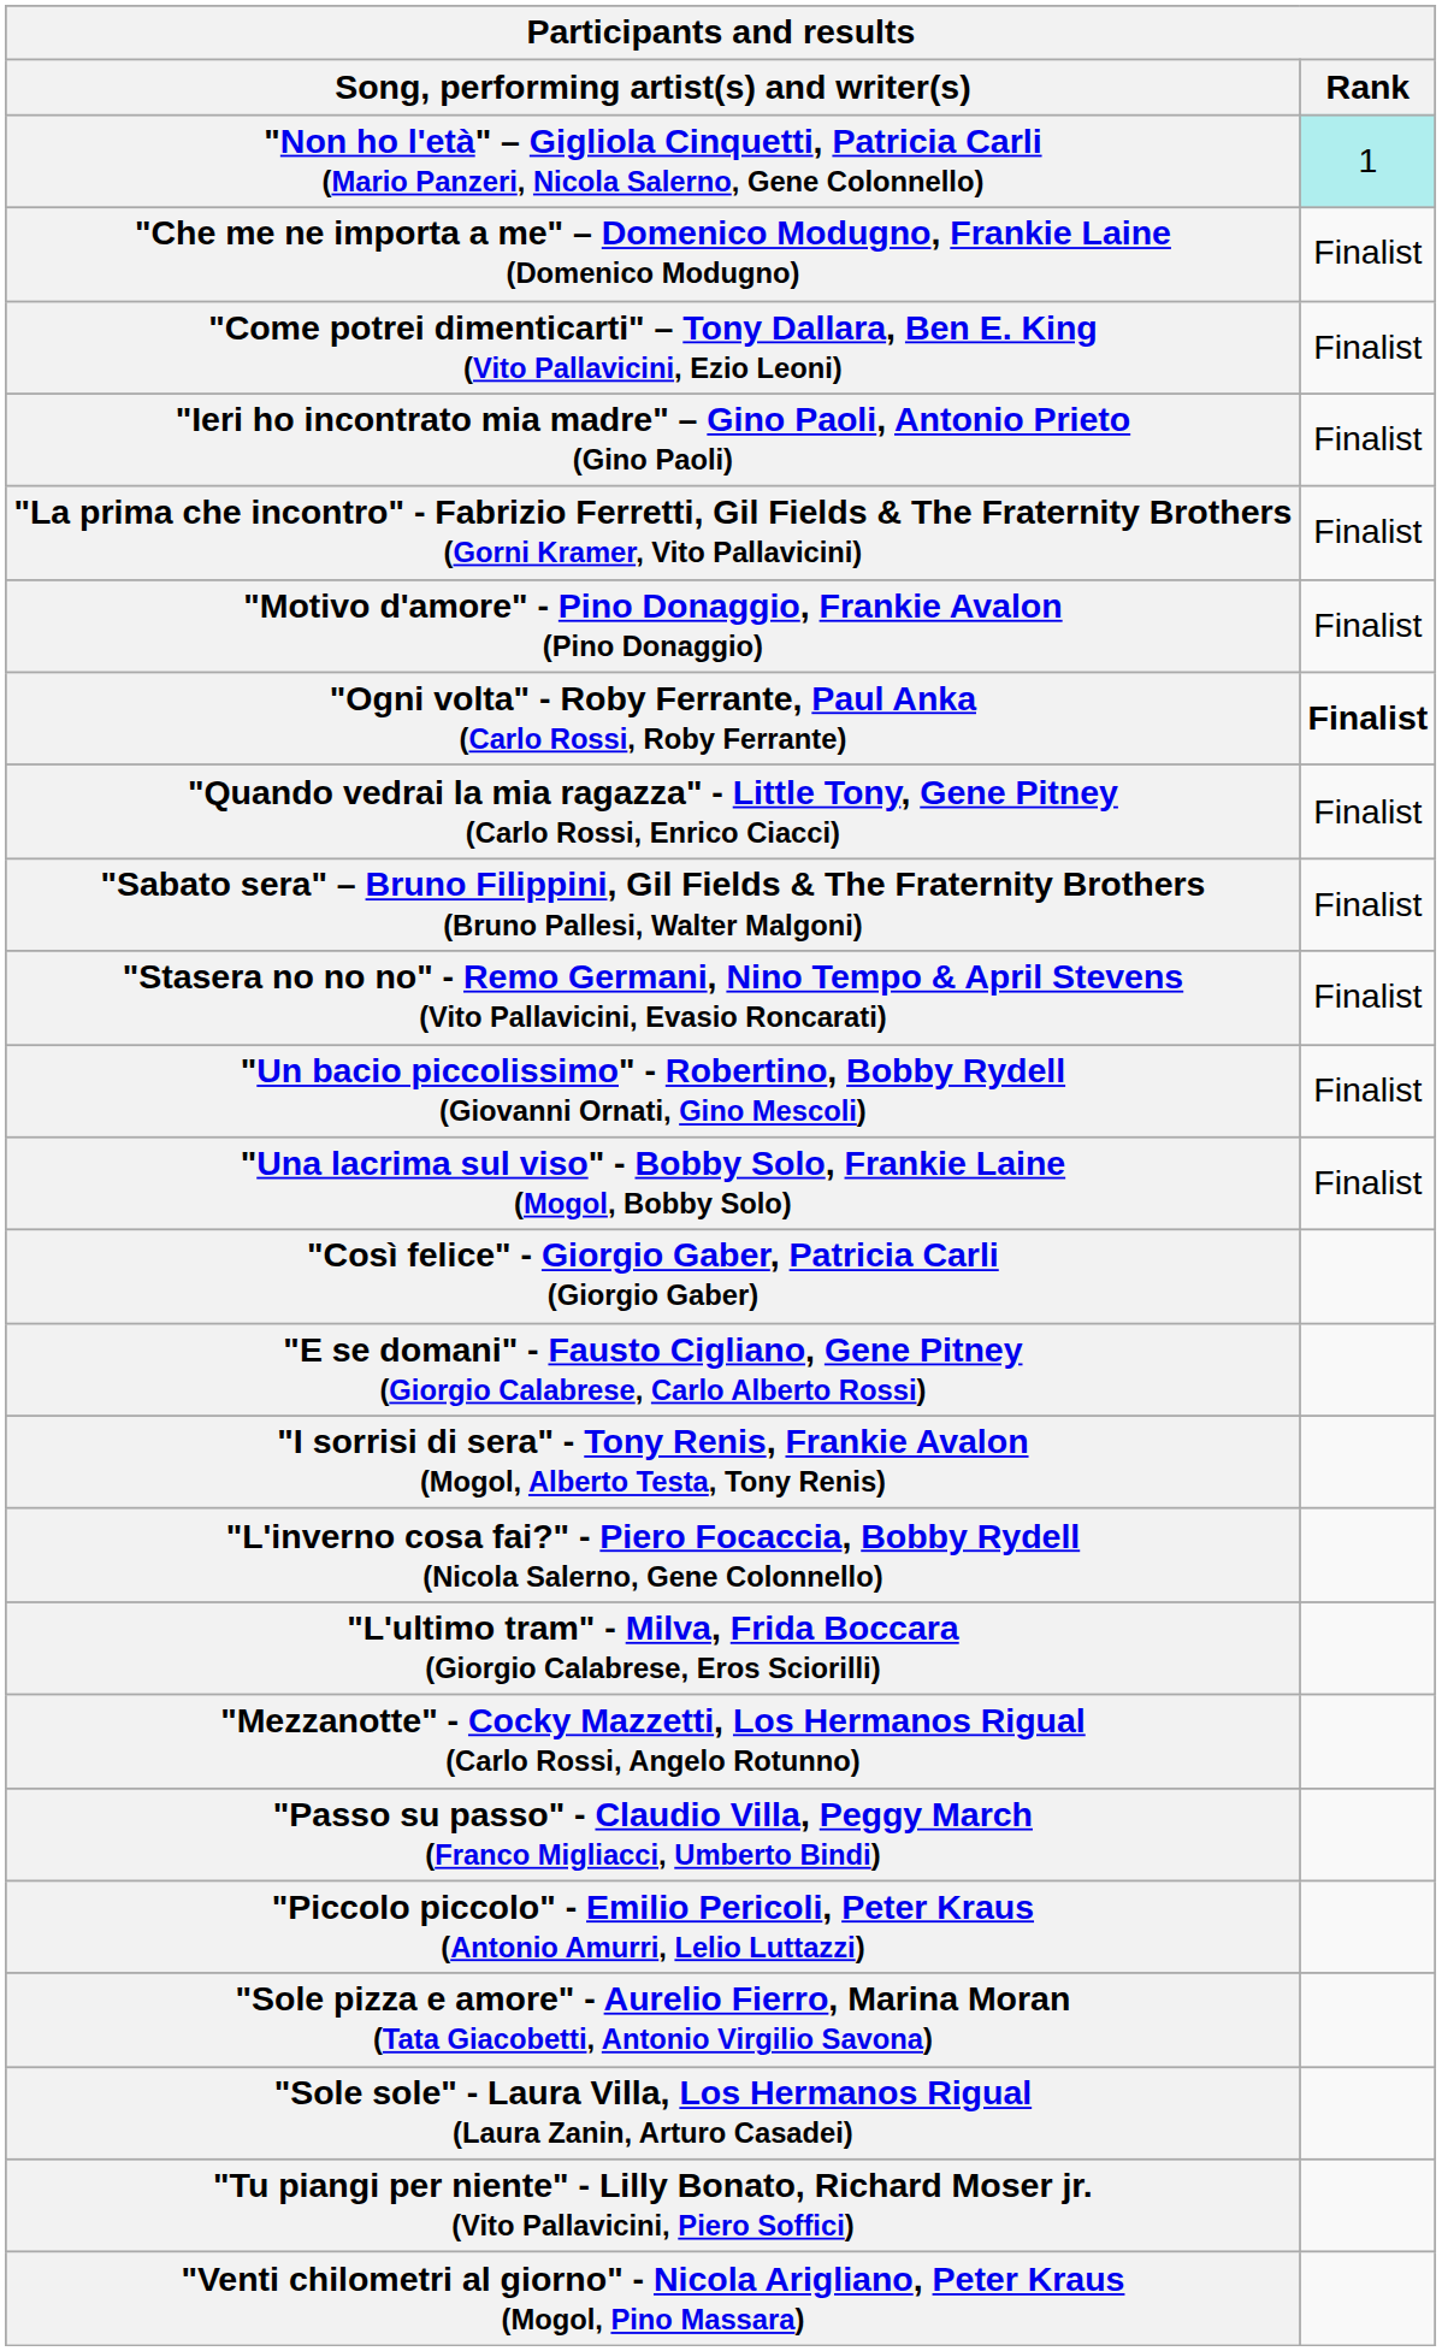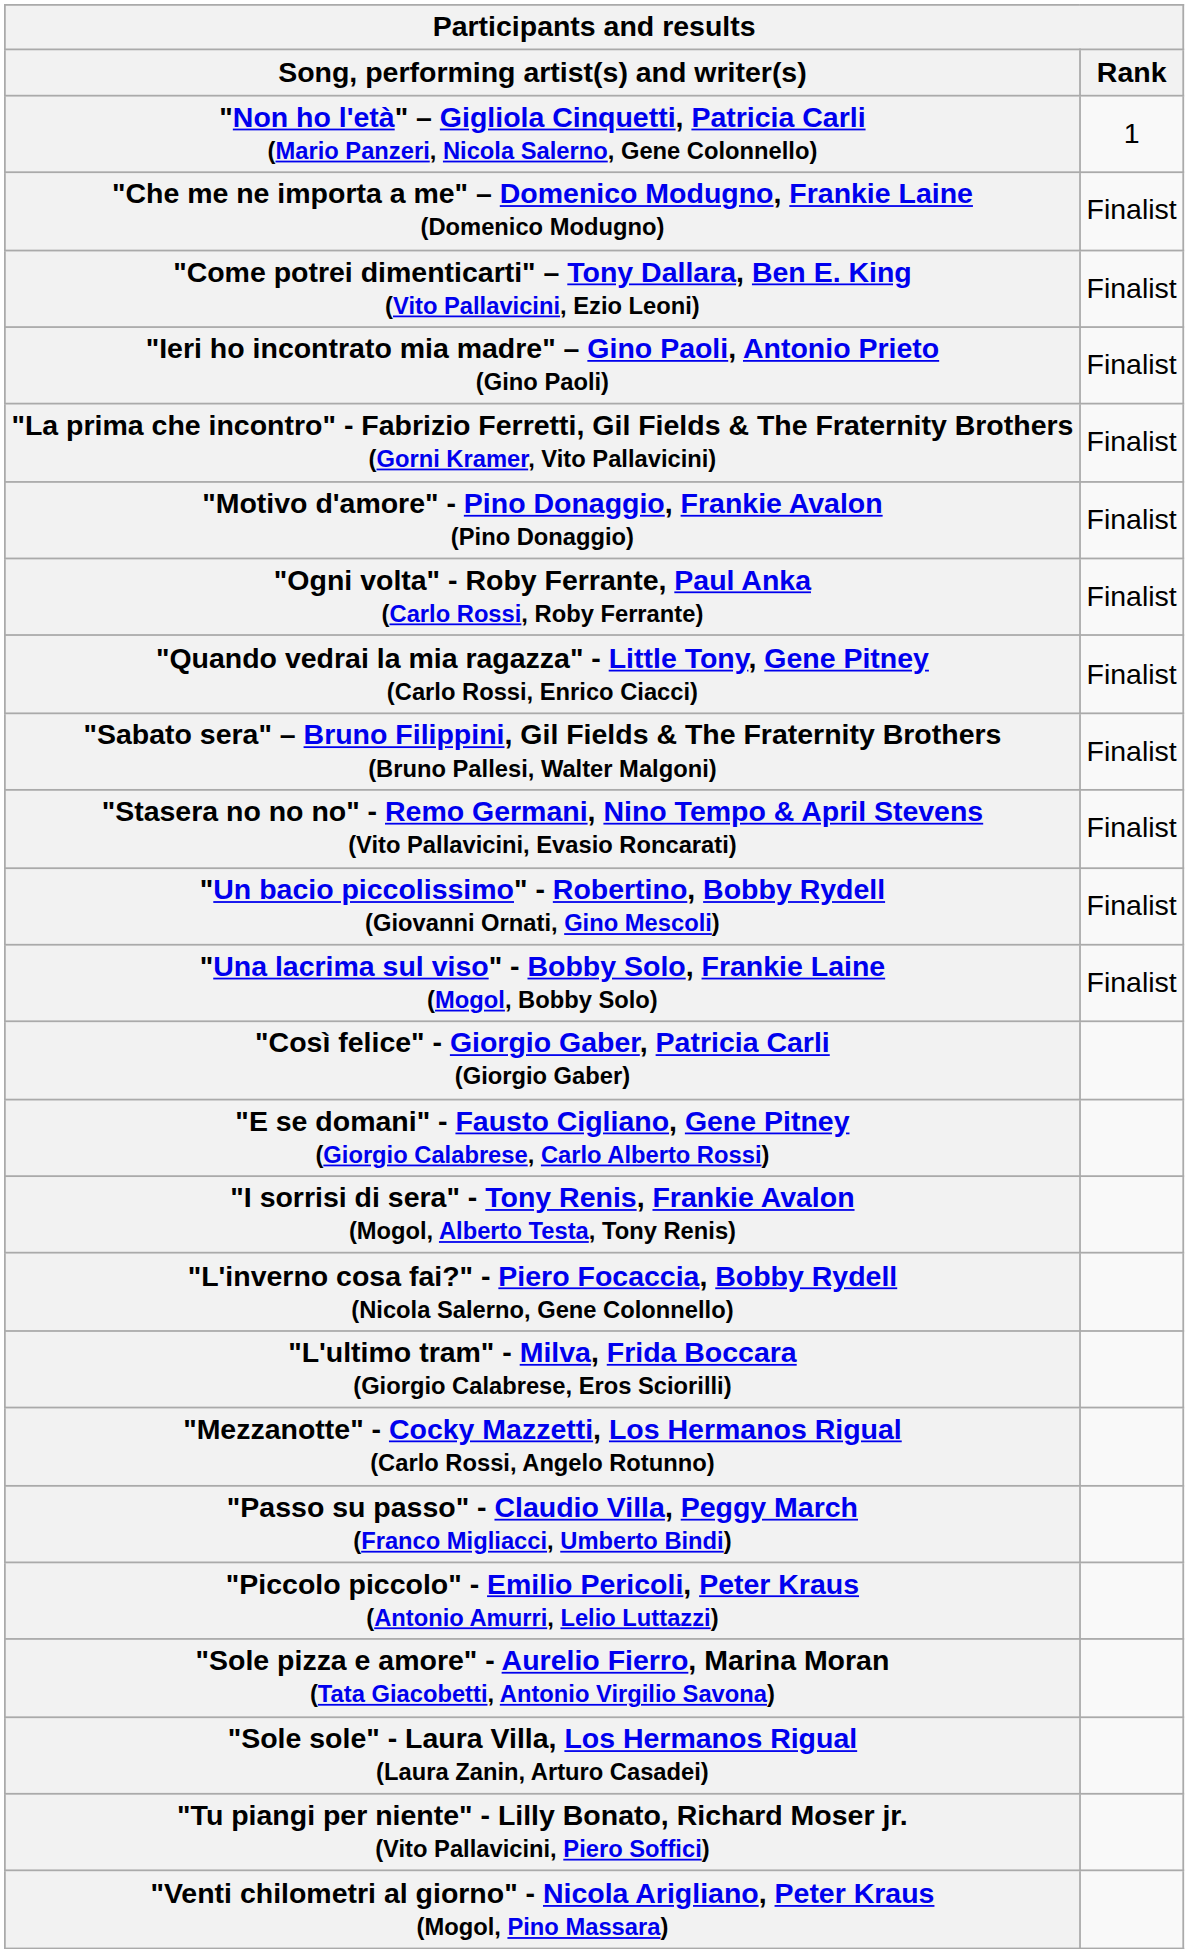 <table class="plainrowheaders wikitable">
 <tr>
 <th colspan="3">Participants and results</th>
 </tr>
 <tr>
 <th>Song, performing artist(s) and writer(s)</th>
 <th>Rank</th>
 </tr>
 <tr>
 <th scope="row">"<a href='#'>Non ho l'età</a>" – <a href='#'>Gigliola Cinquetti</a>, <a href='#'>Patricia Carli</a> <br><small> 	(<a href='#'>Mario Panzeri</a>, <a href='#'>Nicola Salerno</a>, Gene Colonnello) </small></th>
-<td style="background: paleturquoise; text-align:center;">1</td>
+<td style="text-align:center;">1</td>
 </tr>
 <tr>
 <th scope="row">"Che me ne importa a me" –  <a href='#'>Domenico Modugno</a>, <a href='#'>Frankie Laine</a>  <br><small>  (Domenico Modugno)  </small></th>
 <td style="text-align:center;">Finalist</td>
 </tr>
 <tr>
 <th scope="row">"Come potrei dimenticarti" – <a href='#'>Tony Dallara</a>, <a href='#'>Ben E. King</a>  <br><small> 	  (<a href='#'>Vito Pallavicini</a>, Ezio Leoni)</small></th>
 <td style="text-align:center;">Finalist</td>
 </tr>
 <tr>
 <th scope="row">"Ieri ho incontrato mia madre"  –  	<a href='#'>Gino Paoli</a>, <a href='#'>Antonio Prieto</a>  <br><small>   (Gino Paoli)</small></th>
 <td style="text-align:center;">Finalist</td>
 </tr>
 <tr>
 <th scope="row">"La prima che incontro" - Fabrizio Ferretti, Gil Fields & The Fraternity Brothers  <br><small>  (<a href='#'>Gorni Kramer</a>, Vito Pallavicini)</small></th>
 <td style="text-align:center;">Finalist</td>
 </tr>
 <tr>
 <th scope="row">"Motivo d'amore" -  	<a href='#'>Pino Donaggio</a>, <a href='#'>Frankie Avalon</a> <br><small>  (Pino Donaggio)</small></th>
 <td style="text-align:center;">Finalist</td>
 </tr>
 <tr>
 <th scope="row">"Ogni volta" -  Roby Ferrante, <a href='#'>Paul Anka</a>  <br><small>  (<a href='#'>Carlo Rossi</a>, Roby Ferrante)</small></th>
-<td style="text-align:center;"><strong>Finalist</strong></td>
+<td style="text-align:center;">Finalist</td>
 </tr>
 <tr>
 <th scope="row">"Quando vedrai la mia ragazza" -  <a href='#'>Little Tony</a>, <a href='#'>Gene Pitney</a>  <br><small> 	 (Carlo Rossi, Enrico Ciacci)</small></th>
 <td style="text-align:center;">Finalist</td>
 </tr>
 <tr>
 <th scope="row">"Sabato sera" – 	<a href='#'>Bruno Filippini</a>, Gil Fields & The Fraternity Brothers  <br><small>   (Bruno Pallesi, Walter Malgoni)</small></th>
 <td style="text-align:center;">Finalist</td>
 </tr>
 <tr>
 <th scope="row">"Stasera no no no" -  	<a href='#'>Remo Germani</a>, <a href='#'>Nino Tempo & April Stevens</a>  <br><small>  (Vito Pallavicini, Evasio Roncarati)  </small></th>
 <td style="text-align:center;">Finalist</td>
 </tr>
 <tr>
 <th scope="row">"<a href='#'>Un bacio piccolissimo</a>" -  	<a href='#'>Robertino</a>, <a href='#'>Bobby Rydell</a> <br><small>  (Giovanni Ornati, <a href='#'>Gino Mescoli</a>)</small></th>
 <td style="text-align:center;">Finalist</td>
 </tr>
 <tr>
 <th scope="row">"<a href='#'>Una lacrima sul viso</a>" -  	<a href='#'>Bobby Solo</a>, <a href='#'>Frankie Laine</a><br><small>  (<a href='#'>Mogol</a>, Bobby Solo)</small></th>
 <td style="text-align:center;">Finalist</td>
 </tr>
 <tr>
 <th scope="row">"Così felice" - <a href='#'>Giorgio Gaber</a>, <a href='#'>Patricia Carli</a>  <br><small>   (Giorgio Gaber)</small></th>
 <td></td>
 </tr>
 <tr>
 <th scope="row">"E se domani" -   <a href='#'>Fausto Cigliano</a>, <a href='#'>Gene Pitney</a> <br><small> 	 (<a href='#'>Giorgio Calabrese</a>, <a href='#'>Carlo Alberto Rossi</a>)</small></th>
 <td></td>
 </tr>
 <tr>
 <th scope="row">"I sorrisi di sera" -  <a href='#'>Tony Renis</a>, <a href='#'>Frankie Avalon</a> <br><small> 	 (Mogol, <a href='#'>Alberto Testa</a>, Tony Renis)   </small></th>
 <td></td>
 </tr>
 <tr>
 <th scope="row">"L'inverno cosa fai?" -  <a href='#'>Piero Focaccia</a>, <a href='#'>Bobby Rydell</a> <br><small> 	 (Nicola Salerno, Gene Colonnello)   </small></th>
 <td></td>
 </tr>
 <tr>
 <th scope="row">"L'ultimo tram" - <a href='#'>Milva</a>, <a href='#'>Frida Boccara</a> <br><small>   (Giorgio Calabrese, Eros Sciorilli)  </small></th>
 <td></td>
 </tr>
 <tr>
 <th scope="row">"Mezzanotte" - <a href='#'>Cocky Mazzetti</a>, <a href='#'>Los Hermanos Rigual</a>  <br><small>   (Carlo Rossi, Angelo Rotunno)    </small></th>
 <td></td>
 </tr>
 <tr>
 <th scope="row">"Passo su passo" - <a href='#'>Claudio Villa</a>, <a href='#'>Peggy March</a>  <br><small>   (<a href='#'>Franco Migliacci</a>, <a href='#'>Umberto Bindi</a>)   </small></th>
 <td></td>
 </tr>
 <tr>
 <th scope="row">"Piccolo piccolo" -    <a href='#'>Emilio Pericoli</a>, <a href='#'>Peter Kraus</a>  <br><small>  (<a href='#'>Antonio Amurri</a>, <a href='#'>Lelio Luttazzi</a>) </small></th>
 <td></td>
 </tr>
 <tr>
 <th scope="row">"Sole pizza e amore" - <a href='#'>Aurelio Fierro</a>, Marina Moran <br><small> 	  (<a href='#'>Tata Giacobetti</a>, <a href='#'>Antonio Virgilio Savona</a>)    </small></th>
 <td></td>
 </tr>
 <tr>
 <th scope="row">"Sole sole" -  Laura Villa, <a href='#'>Los Hermanos Rigual</a>  <br><small>  (Laura Zanin, Arturo Casadei)  </small></th>
 <td></td>
 </tr>
 <tr>
 <th scope="row">"Tu piangi per niente" -  Lilly Bonato, Richard Moser jr.  <br><small> 	 (Vito Pallavicini, <a href='#'>Piero Soffici</a>)  </small></th>
 <td></td>
 </tr>
 <tr>
 <th scope="row">"Venti chilometri al giorno" -  <a href='#'>Nicola Arigliano</a>, <a href='#'>Peter Kraus</a>  <br><small> 	  (Mogol, <a href='#'>Pino Massara</a>)  </small></th>
 <td></td>
 </tr>
 <tr>
 </tr>
 </table>
